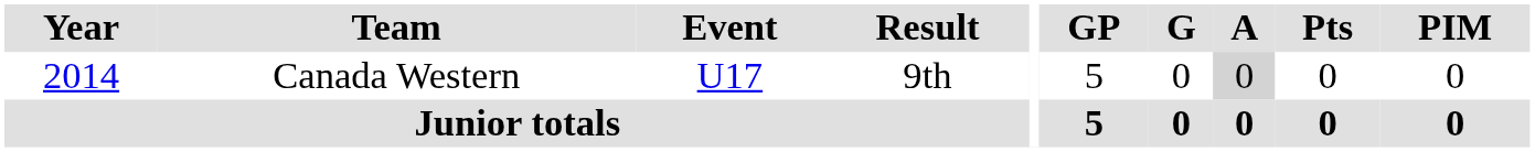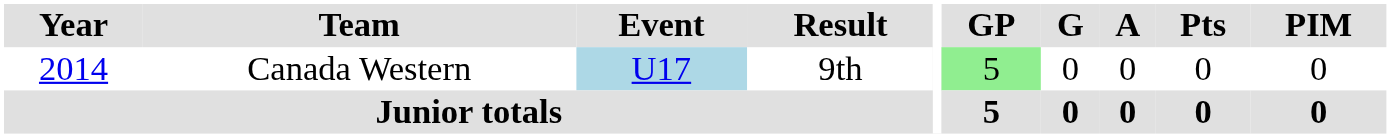 <table border="0" cellpadding="1" cellspacing="0" ID="Table3" style="text-align:center; width:40em">
 <tr bgcolor="#e0e0e0">
 <th>Year</th>
 <th>Team</th>
 <th>Event</th>
 <th>Result</th>
 <th rowspan="99" bgcolor="#ffffff"></th>
 <th>GP</th>
 <th>G</th>
 <th>A</th>
 <th>Pts</th>
 <th>PIM</th>
 </tr>
 <tr>
 <td><a href='#'>2014</a></td>
 <td>Canada Western</td>
-<td><a href='#'>U17</a></td>
+<td style="background: lightblue;"><a href='#'>U17</a></td>
 <td>9th</td>
-<td>5</td>
+<td style="background: lightgreen;">5</td>
 <td>0</td>
-<td style="background: lightgrey;">0</td>
+<td>0</td>
 <td>0</td>
 <td>0</td>
 </tr>
 <tr bgcolor="#e0e0e0">
 <th colspan="4">Junior totals</th>
 <th>5</th>
 <th>0</th>
 <th>0</th>
 <th>0</th>
 <th>0</th>
 </tr>
 </table>
